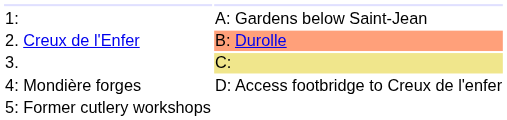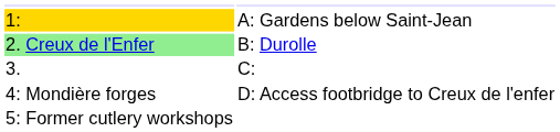 <table>
 <tr>
 <td colspan="2"></td>
 <td rowspan="7"></td>
 </tr>
 <tr bgcolor="#E0E0FF">
 <td></td>
 <td></td>
 </tr>
 <tr>
-<td>1: </td>
+<td style="background: gold;">1: </td>
 <td>A: Gardens below Saint-Jean</td>
 </tr>
 <tr>
-<td>2. <a href='#'>Creux de l'Enfer</a></td>
-<td style="background: lightsalmon;">B: <a href='#'>Durolle</a></td>
+<td style="background: lightgreen;">2. <a href='#'>Creux de l'Enfer</a></td>
+<td>B: <a href='#'>Durolle</a></td>
 </tr>
 <tr>
 <td>3. </td>
-<td style="background: khaki;">C: </td>
+<td>C: </td>
 </tr>
 <tr>
 <td>4: Mondière forges</td>
 <td>D: Access footbridge to Creux de l'enfer</td>
 </tr>
 <tr>
 <td>5: Former cutlery workshops</td>
 <td></td>
 </tr>
 </table>
